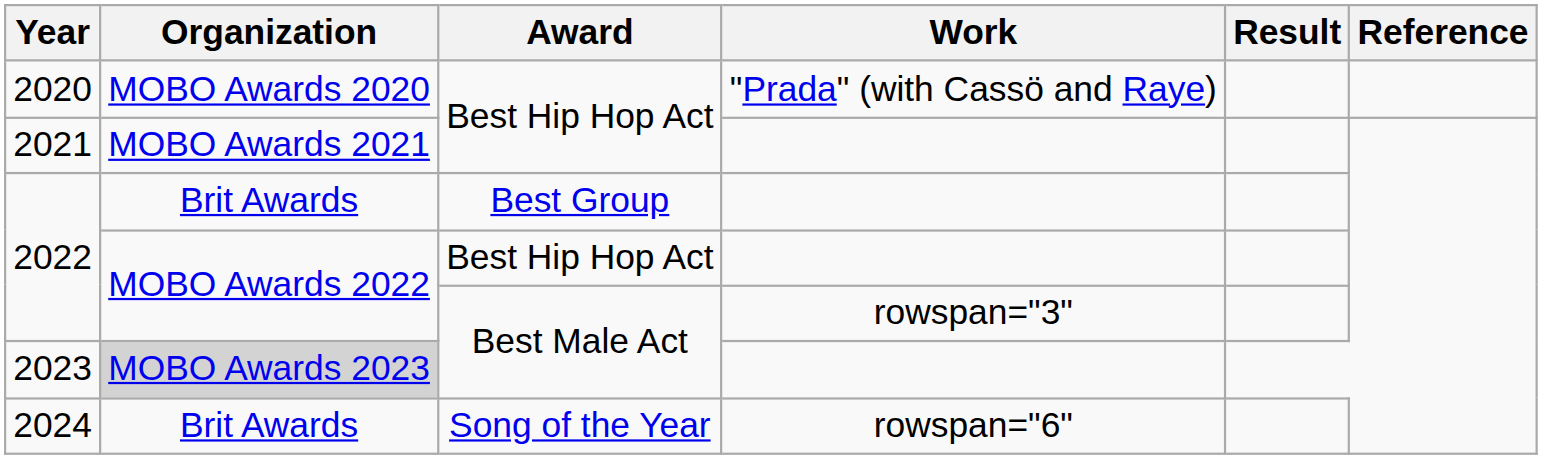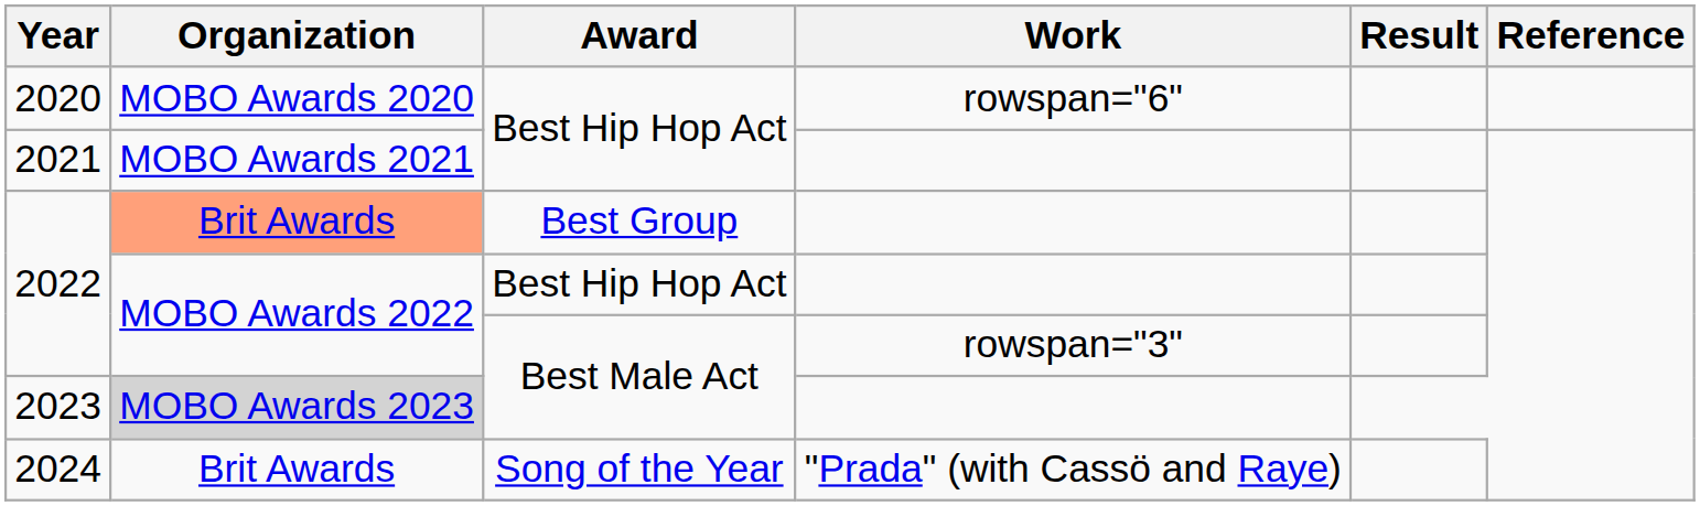 <table class="wikitable plainrowheaders" style="text-align:center;">
 <tr>
 <th>Year</th>
 <th>Organization</th>
 <th>Award</th>
 <th>Work</th>
 <th>Result</th>
 <th>Reference</th>
 </tr>
 <tr>
 <td>2020</td>
 <td><a href='#'>MOBO Awards 2020</a></td>
 <td rowspan="2">Best Hip Hop Act</td>
-<td>"<a href='#'>Prada</a>" (with Cassö and <a href='#'>Raye</a>)</td>
+<td>rowspan="6" </td>
 <td></td>
 <td></td>
 </tr>
 <tr>
 <td>2021</td>
 <td><a href='#'>MOBO Awards 2021</a></td>
 <td></td>
 <td></td>
 </tr>
 <tr>
 <td rowspan="3">2022</td>
-<td><a href='#'>Brit Awards</a></td>
+<td style="background: lightsalmon;"><a href='#'>Brit Awards</a></td>
 <td><a href='#'>Best Group</a></td>
 <td></td>
 <td></td>
 </tr>
 <tr>
 <td rowspan="2"><a href='#'>MOBO Awards 2022</a></td>
 <td>Best Hip Hop Act</td>
 <td></td>
 <td></td>
 </tr>
 <tr>
 <td rowspan="2">Best Male Act</td>
 <td>rowspan="3" </td>
 <td></td>
 </tr>
 <tr>
 <td>2023</td>
 <td style="background: lightgrey;"><a href='#'>MOBO Awards 2023</a></td>
 <td></td>
 </tr>
 <tr>
 <td>2024</td>
 <td><a href='#'>Brit Awards</a></td>
 <td><a href='#'>Song of the Year</a></td>
-<td>rowspan="6" </td>
+<td>"<a href='#'>Prada</a>" (with Cassö and <a href='#'>Raye</a>)</td>
 <td></td>
 </tr>
 </table>
